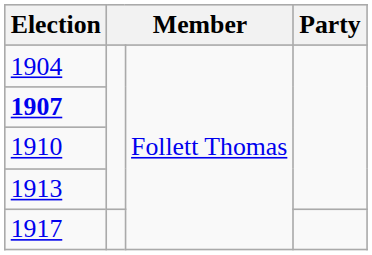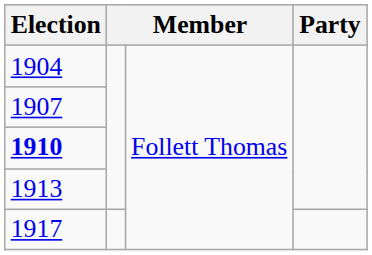 <table class="wikitable">
 <tr>
 <th>Election</th>
 <th colspan="2">Member</th>
 <th>Party</th>
 </tr>
 <tr>
 <td><a href='#'>1904</a></td>
 <td rowspan="4" > </td>
 <td rowspan="5"><a href='#'>Follett Thomas</a></td>
 <td rowspan="4"></td>
 </tr>
 <tr>
-<td><strong><a href='#'>1907</a></strong></td>
+<td><a href='#'>1907</a></td>
 </tr>
 <tr>
-<td><a href='#'>1910</a></td>
+<td><strong><a href='#'>1910</a></strong></td>
 </tr>
 <tr>
 <td><a href='#'>1913</a></td>
 </tr>
 <tr>
 <td><a href='#'>1917</a></td>
 <td> </td>
 <td></td>
 </tr>
 </table>
